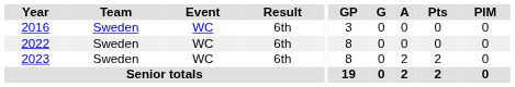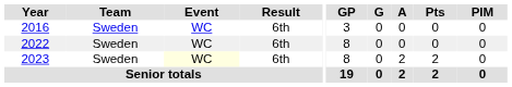 <table border="0" cellpadding="1" cellspacing="0" ID="Table3" style="text-align:center; width:40em">
 <tr ALIGN="center" bgcolor="#e0e0e0">
 <th>Year</th>
 <th>Team</th>
 <th>Event</th>
 <th>Result</th>
 <th rowspan="99" bgcolor="#ffffff"></th>
 <th>GP</th>
 <th>G</th>
 <th>A</th>
 <th>Pts</th>
 <th>PIM</th>
 </tr>
 <tr ALIGN="center">
 <td><a href='#'>2016</a></td>
 <td><a href='#'>Sweden</a></td>
 <td><a href='#'>WC</a></td>
 <td>6th</td>
 <td>3</td>
 <td>0</td>
 <td>0</td>
 <td>0</td>
 <td>0</td>
 </tr>
 <tr ALIGN="center"  bgcolor="#f0f0f0">
 <td><a href='#'>2022</a></td>
 <td>Sweden</td>
 <td>WC</td>
 <td>6th</td>
 <td>8</td>
 <td>0</td>
 <td>0</td>
 <td>0</td>
 <td>0</td>
 </tr>
 <tr ALIGN="center">
 <td><a href='#'>2023</a></td>
 <td>Sweden</td>
-<td>WC</td>
+<td style="background: lightyellow;">WC</td>
 <td>6th</td>
 <td>8</td>
 <td>0</td>
 <td>2</td>
 <td>2</td>
 <td>0</td>
 </tr>
 <tr bgcolor="#e0e0e0">
 <th colspan="4">Senior totals</th>
 <th>19</th>
 <th>0</th>
 <th>2</th>
 <th>2</th>
 <th>0</th>
 </tr>
 </table>
